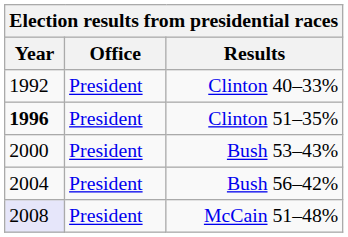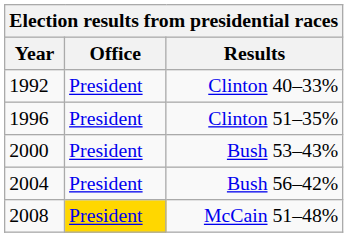 <table class="wikitable" style="font-size:95%;">
 <tr>
 <th colspan="3">Election results from presidential races</th>
 </tr>
 <tr>
 <th>Year</th>
 <th>Office</th>
 <th>Results</th>
 </tr>
 <tr>
 <td>1992</td>
 <td><a href='#'>President</a></td>
 <td align="right" ><a href='#'>Clinton</a> 40–33%</td>
 </tr>
 <tr>
-<td><strong>1996</strong></td>
+<td>1996</td>
 <td><a href='#'>President</a></td>
 <td align="right" ><a href='#'>Clinton</a> 51–35%</td>
 </tr>
 <tr>
 <td>2000</td>
 <td><a href='#'>President</a></td>
 <td align="right" ><a href='#'>Bush</a> 53–43%</td>
 </tr>
 <tr>
 <td>2004</td>
 <td><a href='#'>President</a></td>
 <td align="right" ><a href='#'>Bush</a> 56–42%</td>
 </tr>
 <tr>
-<td style="background: lavender;">2008</td>
-<td><a href='#'>President</a></td>
+<td>2008</td>
+<td style="background: gold;"><a href='#'>President</a></td>
 <td align="right" ><a href='#'>McCain</a> 51–48%</td>
 </tr>
 </table>
